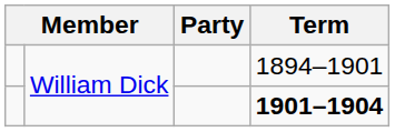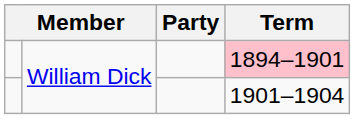 <table class="wikitable">
 <tr>
 <th colspan="2">Member</th>
 <th>Party</th>
 <th>Term</th>
 </tr>
 <tr>
 <td> </td>
 <td rowspan="2"><a href='#'>William Dick</a></td>
 <td></td>
-<td>1894–1901</td>
+<td style="background: pink;">1894–1901</td>
 </tr>
 <tr>
 <td> </td>
 <td></td>
-<td><strong>1901–1904</strong></td>
+<td>1901–1904</td>
 </tr>
 </table>
